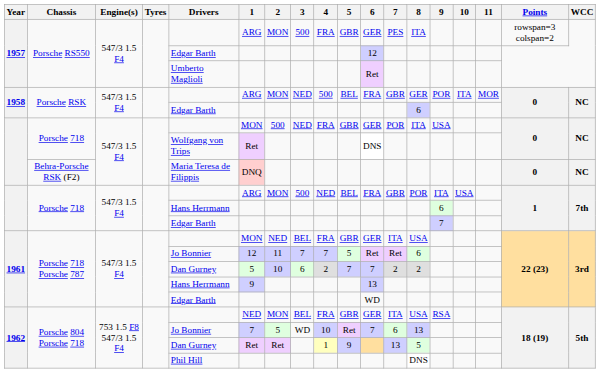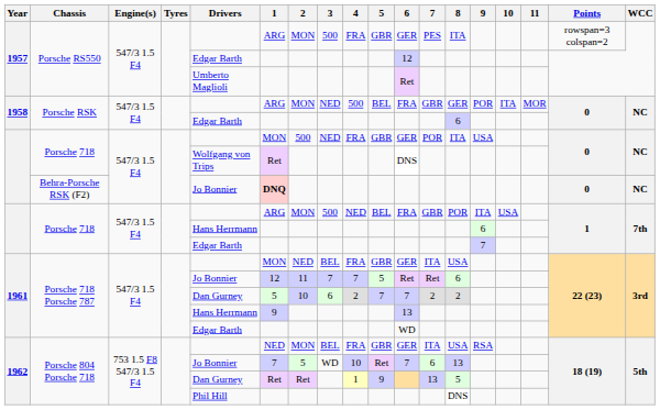 <table class="wikitable" style="text-align:center; font-size:85%">
 <tr>
 <th>Year</th>
 <th>Chassis</th>
 <th>Engine(s)</th>
 <th>Tyres</th>
 <th>Drivers</th>
 <th>1</th>
 <th>2</th>
 <th>3</th>
 <th>4</th>
 <th>5</th>
 <th>6</th>
 <th>7</th>
 <th>8</th>
 <th>9</th>
 <th>10</th>
 <th>11</th>
 <th><a href='#'>Points</a></th>
 <th>WCC</th>
 </tr>
 <tr>
 <th rowspan=3><a href='#'>1957</a></th>
 <td rowspan=3><a href='#'>Porsche</a> <a href='#'>RS550</a></td>
 <td rowspan=3>547/3 1.5 <a href='#'>F4</a></td>
 <td rowspan=3></td>
 <td></td>
 <td><a href='#'>ARG</a></td>
 <td><a href='#'>MON</a></td>
 <td><a href='#'>500</a></td>
 <td><a href='#'>FRA</a></td>
 <td><a href='#'>GBR</a></td>
 <td><a href='#'>GER</a></td>
 <td><a href='#'>PES</a></td>
 <td><a href='#'>ITA</a></td>
 <td></td>
 <td></td>
 <td></td>
 <td>rowspan=3 colspan=2 </td>
 </tr>
 <tr>
 <td style="text-align:left"> <a href='#'>Edgar Barth</a></td>
 <td></td>
 <td></td>
 <td></td>
 <td></td>
 <td></td>
 <td style="background:#CFCFFF;">12</td>
 <td></td>
 <td></td>
 <td></td>
 <td></td>
 <td></td>
 </tr>
 <tr>
 <td style="text-align:left"> <a href='#'>Umberto Maglioli</a></td>
 <td></td>
 <td></td>
 <td></td>
 <td></td>
 <td></td>
 <td style="background:#EFCFFF;">Ret</td>
 <td></td>
 <td></td>
 <td></td>
 <td></td>
 <td></td>
 </tr>
 <tr>
 <th rowspan=2><a href='#'>1958</a></th>
 <td rowspan=2><a href='#'>Porsche</a> <a href='#'>RSK</a></td>
 <td rowspan=2>547/3 1.5 <a href='#'>F4</a></td>
 <td rowspan=2></td>
 <td></td>
 <td><a href='#'>ARG</a></td>
 <td><a href='#'>MON</a></td>
 <td><a href='#'>NED</a></td>
 <td><a href='#'>500</a></td>
 <td><a href='#'>BEL</a></td>
 <td><a href='#'>FRA</a></td>
 <td><a href='#'>GBR</a></td>
 <td><a href='#'>GER</a></td>
 <td><a href='#'>POR</a></td>
 <td><a href='#'>ITA</a></td>
 <td><a href='#'>MOR</a></td>
 <th rowspan=2>0</th>
 <th rowspan=2>NC</th>
 </tr>
 <tr>
 <td style="text-align:left"> <a href='#'>Edgar Barth</a></td>
 <td></td>
 <td></td>
 <td></td>
 <td></td>
 <td></td>
 <td></td>
 <td></td>
 <td style="background:#CFCFFF;">6</td>
 <td></td>
 <td></td>
 <td></td>
 </tr>
 <tr>
 <th rowspan=3></th>
 <td rowspan=2><a href='#'>Porsche</a> <a href='#'>718</a></td>
 <td rowspan=3>547/3 1.5 <a href='#'>F4</a></td>
 <td rowspan=3></td>
 <td></td>
 <td><a href='#'>MON</a></td>
 <td><a href='#'>500</a></td>
 <td><a href='#'>NED</a></td>
 <td><a href='#'>FRA</a></td>
 <td><a href='#'>GBR</a></td>
 <td><a href='#'>GER</a></td>
 <td><a href='#'>POR</a></td>
 <td><a href='#'>ITA</a></td>
 <td><a href='#'>USA</a></td>
 <td></td>
 <td></td>
 <th rowspan=2>0</th>
 <th rowspan=2>NC</th>
 </tr>
 <tr>
 <td style="text-align:left"> <a href='#'>Wolfgang von Trips</a></td>
 <td style="background:#EFCFFF;">Ret</td>
 <td></td>
 <td></td>
 <td></td>
 <td></td>
 <td style="background:#FFFFFF;">DNS</td>
 <td></td>
 <td></td>
 <td></td>
 <td></td>
 <td></td>
 </tr>
 <tr>
 <td><a href='#'>Behra-Porsche</a> <a href='#'>RSK</a> (F2)</td>
-<td style="text-align:left"> <a href='#'>Maria Teresa de Filippis</a></td>
-<td style="background:#FFCFCF;">DNQ</td>
+<td style="text-align:left"> <a href='#'>Jo Bonnier</a></td>
+<td style="background:#FFCFCF;"><strong>DNQ</strong></td>
 <td></td>
 <td></td>
 <td></td>
 <td></td>
 <td></td>
 <td></td>
 <td></td>
 <td></td>
 <td></td>
 <td></td>
 <th>0</th>
 <th>NC</th>
 </tr>
 <tr>
 <th rowspan=3></th>
 <td rowspan=3><a href='#'>Porsche</a> <a href='#'>718</a></td>
 <td rowspan=3>547/3 1.5 <a href='#'>F4</a></td>
 <td rowspan=3></td>
 <td></td>
 <td><a href='#'>ARG</a></td>
 <td><a href='#'>MON</a></td>
 <td><a href='#'>500</a></td>
 <td><a href='#'>NED</a></td>
 <td><a href='#'>BEL</a></td>
 <td><a href='#'>FRA</a></td>
 <td><a href='#'>GBR</a></td>
 <td><a href='#'>POR</a></td>
 <td><a href='#'>ITA</a></td>
 <td><a href='#'>USA</a></td>
 <td></td>
 <th rowspan=3>1</th>
 <th rowspan=3>7th</th>
 </tr>
 <tr>
 <td style="text-align:left"> <a href='#'>Hans Herrmann</a></td>
 <td></td>
 <td></td>
 <td></td>
 <td></td>
 <td></td>
 <td></td>
 <td></td>
 <td></td>
 <td style="background:#DFFFDF;">6</td>
 <td></td>
 <td></td>
 </tr>
 <tr>
 <td style="text-align:left"> <a href='#'>Edgar Barth</a></td>
 <td></td>
 <td></td>
 <td></td>
 <td></td>
 <td></td>
 <td></td>
 <td></td>
 <td></td>
 <td style="background:#CFCFFF;">7</td>
 <td></td>
 <td></td>
 </tr>
 <tr>
 <th rowspan=5><a href='#'>1961</a></th>
 <td rowspan=5><a href='#'>Porsche</a> <a href='#'>718</a><br><a href='#'>Porsche</a> <a href='#'>787</a></td>
 <td rowspan=5>547/3 1.5 <a href='#'>F4</a></td>
 <td rowspan=5></td>
 <td></td>
 <td><a href='#'>MON</a></td>
 <td><a href='#'>NED</a></td>
 <td><a href='#'>BEL</a></td>
 <td><a href='#'>FRA</a></td>
 <td><a href='#'>GBR</a></td>
 <td><a href='#'>GER</a></td>
 <td><a href='#'>ITA</a></td>
 <td><a href='#'>USA</a></td>
 <td></td>
 <td></td>
 <td></td>
 <td rowspan=5 style="background:#ffdf9f;"><strong>22 (23)</strong></td>
 <td rowspan=5 style="background:#ffdf9f;"><strong>3rd</strong></td>
 </tr>
 <tr>
 <td style="text-align:left"> <a href='#'>Jo Bonnier</a></td>
 <td style="background:#CFCFFF;">12</td>
 <td style="background:#CFCFFF;">11</td>
 <td style="background:#CFCFFF;">7</td>
 <td style="background:#CFCFFF;">7</td>
 <td style="background:#DFFFDF;">5</td>
 <td style="background:#EFCFFF;">Ret</td>
 <td style="background:#EFCFFF;">Ret</td>
 <td style="background:#DFFFDF;">6</td>
 <td></td>
 <td></td>
 <td></td>
 </tr>
 <tr>
 <td style="text-align:left"> <a href='#'>Dan Gurney</a></td>
 <td style="background:#DFFFDF;">5</td>
 <td style="background:#CFCFFF;">10</td>
 <td style="background:#DFFFDF;">6</td>
 <td style="background:#dfdfdf;">2</td>
 <td style="background:#CFCFFF;">7</td>
 <td style="background:#CFCFFF;">7</td>
 <td style="background:#dfdfdf;">2</td>
 <td style="background:#dfdfdf;">2</td>
 <td></td>
 <td></td>
 <td></td>
 </tr>
 <tr>
 <td style="text-align:left"> <a href='#'>Hans Herrmann</a></td>
 <td style="background:#CFCFFF;">9</td>
 <td></td>
 <td></td>
 <td></td>
 <td></td>
 <td style="background:#CFCFFF;">13</td>
 <td></td>
 <td></td>
 <td></td>
 <td></td>
 <td></td>
 </tr>
 <tr>
 <td style="text-align:left"> <a href='#'>Edgar Barth</a></td>
 <td></td>
 <td></td>
 <td></td>
 <td></td>
 <td></td>
 <td>WD</td>
 <td></td>
 <td></td>
 <td></td>
 <td></td>
 <td></td>
 </tr>
 <tr>
 <th rowspan=4><a href='#'>1962</a></th>
 <td rowspan=4><a href='#'>Porsche</a> <a href='#'>804</a><br><a href='#'>Porsche</a> <a href='#'>718</a></td>
 <td rowspan=4>753 1.5 <a href='#'>F8</a><br>547/3 1.5 <a href='#'>F4</a></td>
 <td rowspan=4></td>
 <td></td>
 <td><a href='#'>NED</a></td>
 <td><a href='#'>MON</a></td>
 <td><a href='#'>BEL</a></td>
 <td><a href='#'>FRA</a></td>
 <td><a href='#'>GBR</a></td>
 <td><a href='#'>GER</a></td>
 <td><a href='#'>ITA</a></td>
 <td><a href='#'>USA</a></td>
 <td><a href='#'>RSA</a></td>
 <td></td>
 <td></td>
 <th rowspan=4>18 (19)</th>
 <th rowspan=4>5th</th>
 </tr>
 <tr>
 <td style="text-align:left"> <a href='#'>Jo Bonnier</a></td>
 <td style="background:#CFCFFF;">7</td>
 <td style="background:#DFFFDF;">5</td>
 <td>WD</td>
 <td style="background:#CFCFFF;">10</td>
 <td style="background:#EFCFFF;">Ret</td>
 <td style="background:#CFCFFF;">7</td>
 <td style="background:#DFFFDF;">6</td>
 <td style="background:#CFCFFF;">13</td>
 <td></td>
 <td></td>
 <td></td>
 </tr>
 <tr>
 <td style="text-align:left"> <a href='#'>Dan Gurney</a></td>
 <td style="background:#EFCFFF;">Ret</td>
 <td style="background:#EFCFFF;">Ret</td>
 <td></td>
 <td style="background:#ffffbf;">1</td>
 <td style="background:#CFCFFF;">9</td>
 <td style="background:#ffdf9f;"></td>
 <td style="background:#CFCFFF;">13</td>
 <td style="background:#DFFFDF;">5</td>
 <td></td>
 <td></td>
 <td></td>
 </tr>
 <tr>
 <td style="text-align:left"> <a href='#'>Phil Hill</a></td>
 <td></td>
 <td></td>
 <td></td>
 <td></td>
 <td></td>
 <td></td>
 <td></td>
 <td style="background:#FFFFFF;">DNS</td>
 <td></td>
 <td></td>
 <td></td>
 </tr>
 </table>
